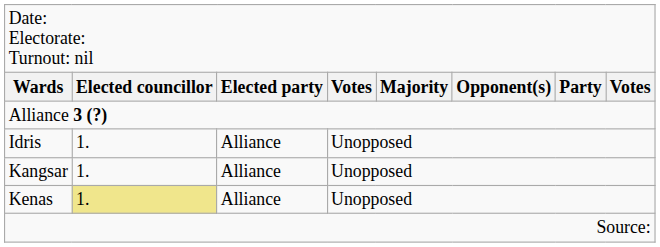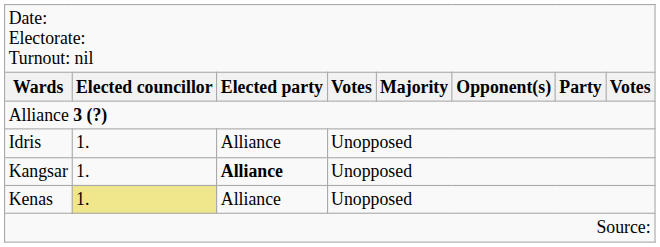 <table class=wikitable>
 <tr>
 <td colspan=8>Date: <br>Electorate: <br>Turnout: nil</td>
 </tr>
 <tr>
 <th>Wards</th>
 <th>Elected councillor</th>
 <th>Elected party</th>
 <th>Votes</th>
 <th>Majority</th>
 <th>Opponent(s)</th>
 <th>Party</th>
 <th>Votes</th>
 </tr>
 <tr>
 <td colspan=8>Alliance <strong>3 (?)</strong> </td>
 </tr>
 <tr>
 <td>Idris</td>
 <td>1.</td>
 <td>Alliance</td>
 <td colspan=5>Unopposed</td>
 </tr>
 <tr>
 <td>Kangsar</td>
 <td>1.</td>
-<td>Alliance</td>
+<td><strong>Alliance</strong></td>
 <td colspan=5>Unopposed</td>
 </tr>
 <tr>
 <td>Kenas</td>
 <td style="background: khaki;">1.</td>
 <td>Alliance</td>
 <td colspan=5>Unopposed</td>
 </tr>
 <tr>
 <td colspan="8" style="text-align:right;">Source:</td>
 </tr>
 </table>
